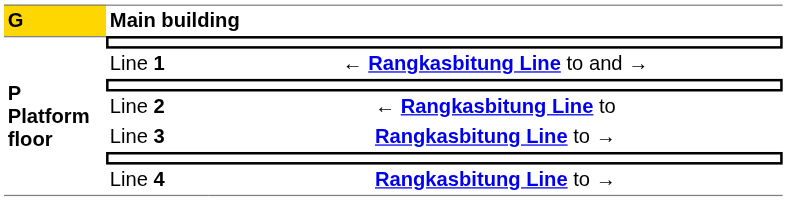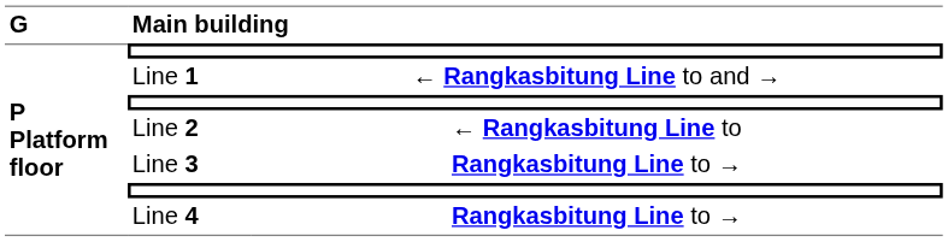 <table cellspacing="0" cellpadding="3">
 <tr>
 <td colspan="3"> </td>
 </tr>
 <tr>
-<td style="background: gold; border-top:solid 1px gray;"><strong>G</strong></td>
+<td style="border-top:solid 1px gray;"><strong>G</strong></td>
 <td colspan="2" style="border-top:solid 1px gray;"><strong>Main building</strong></td>
 </tr>
 <tr>
 <td rowspan="7" style="border-top:solid 1px gray; border-bottom:solid 1px gray" width="75"><strong>P<br>Platform floor</strong></td>
 <td colspan="2" style="border-top:solid 2px black;border-right:solid 2px black;border-left:solid 2px black;border-bottom:solid 2px black;text-align:center;"></td>
 </tr>
 <tr>
 <td>Line <strong>1</strong></td>
 <td style="text-align:center">←   <strong><a href='#'>Rangkasbitung Line</a></strong> to  and   →</td>
 </tr>
 <tr>
 <td colspan="2" style="border-top:solid 2px black;border-right:solid 2px black;border-left:solid 2px black;border-bottom:solid 2px black;text-align:center;"></td>
 </tr>
 <tr>
 <td width="50">Line <strong>2</strong></td>
 <td style="text-align:center" width="450">←   <strong><a href='#'>Rangkasbitung Line</a></strong> to </td>
 </tr>
 <tr>
 <td>Line <strong>3</strong></td>
 <td style="text-align:center"> <strong><a href='#'>Rangkasbitung Line</a></strong> to   →</td>
 </tr>
 <tr>
 <td colspan="2" style="border-top:solid 2px black;border-right:solid 2px black;border-left:solid 2px black;border-bottom:solid 2px black;text-align:center;"></td>
 </tr>
 <tr>
 <td style="border-bottom:solid 1px gray" width="75">Line <strong>4</strong></td>
 <td style="text-align:center; border-bottom:solid 1px gray"> <strong><a href='#'>Rangkasbitung Line</a></strong> to   →</td>
 </tr>
 <tr>
 </tr>
 </table>
